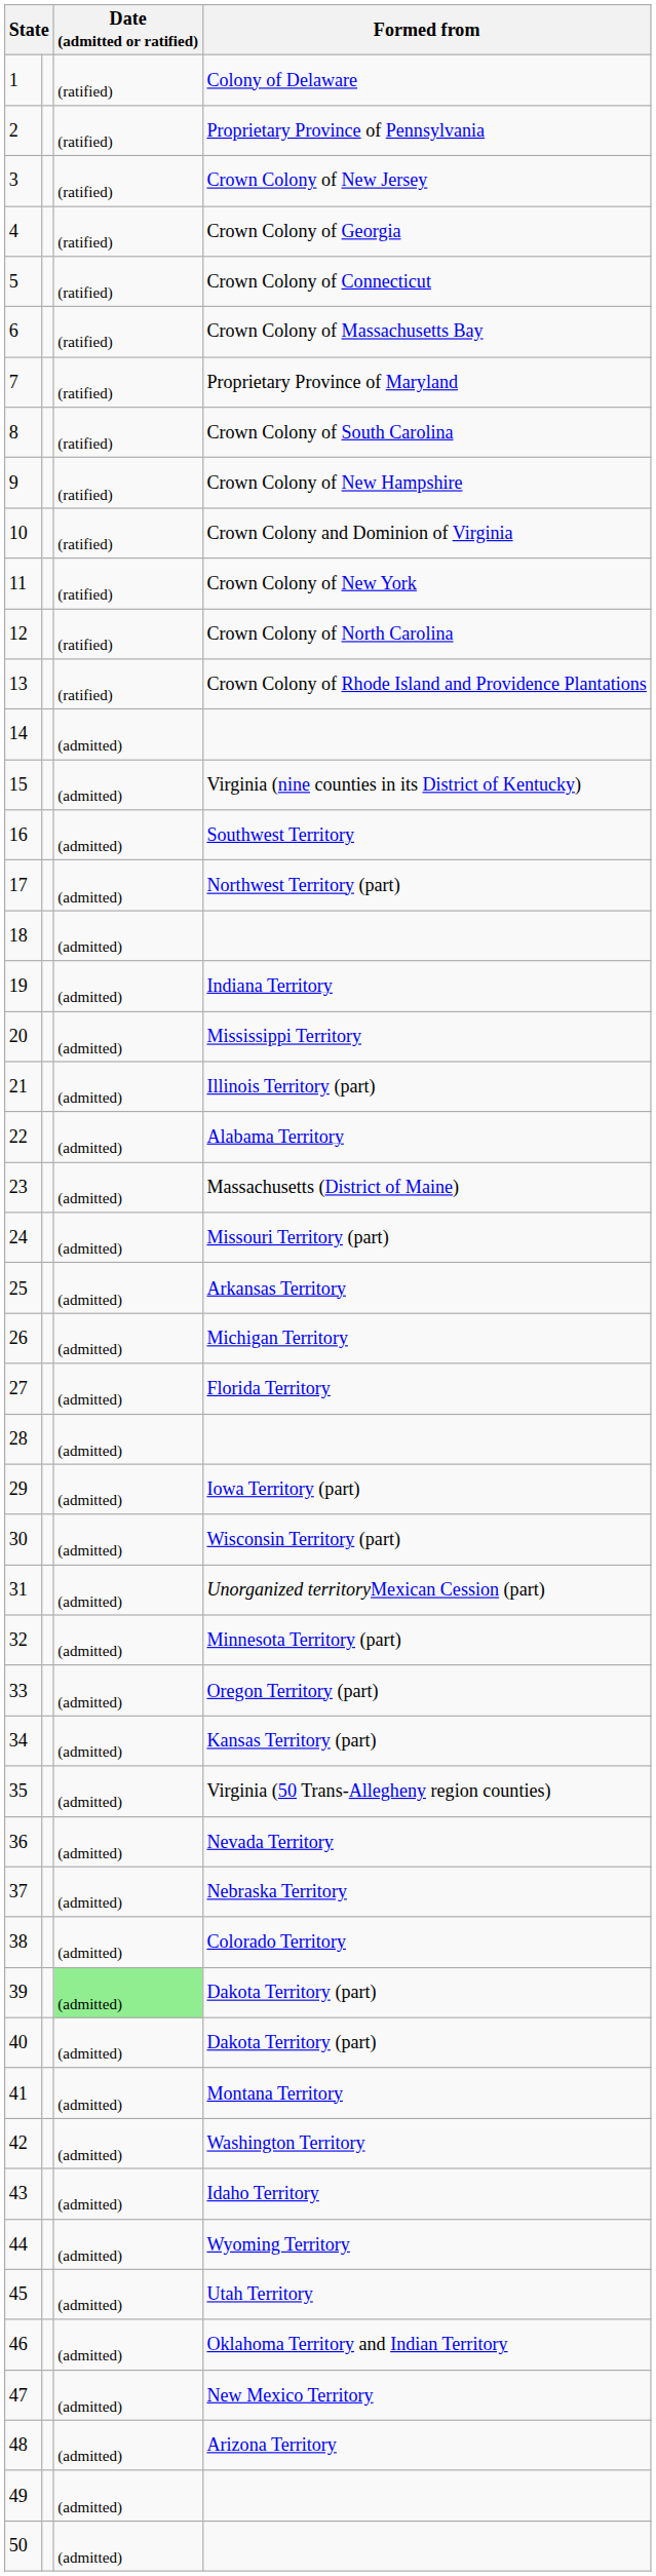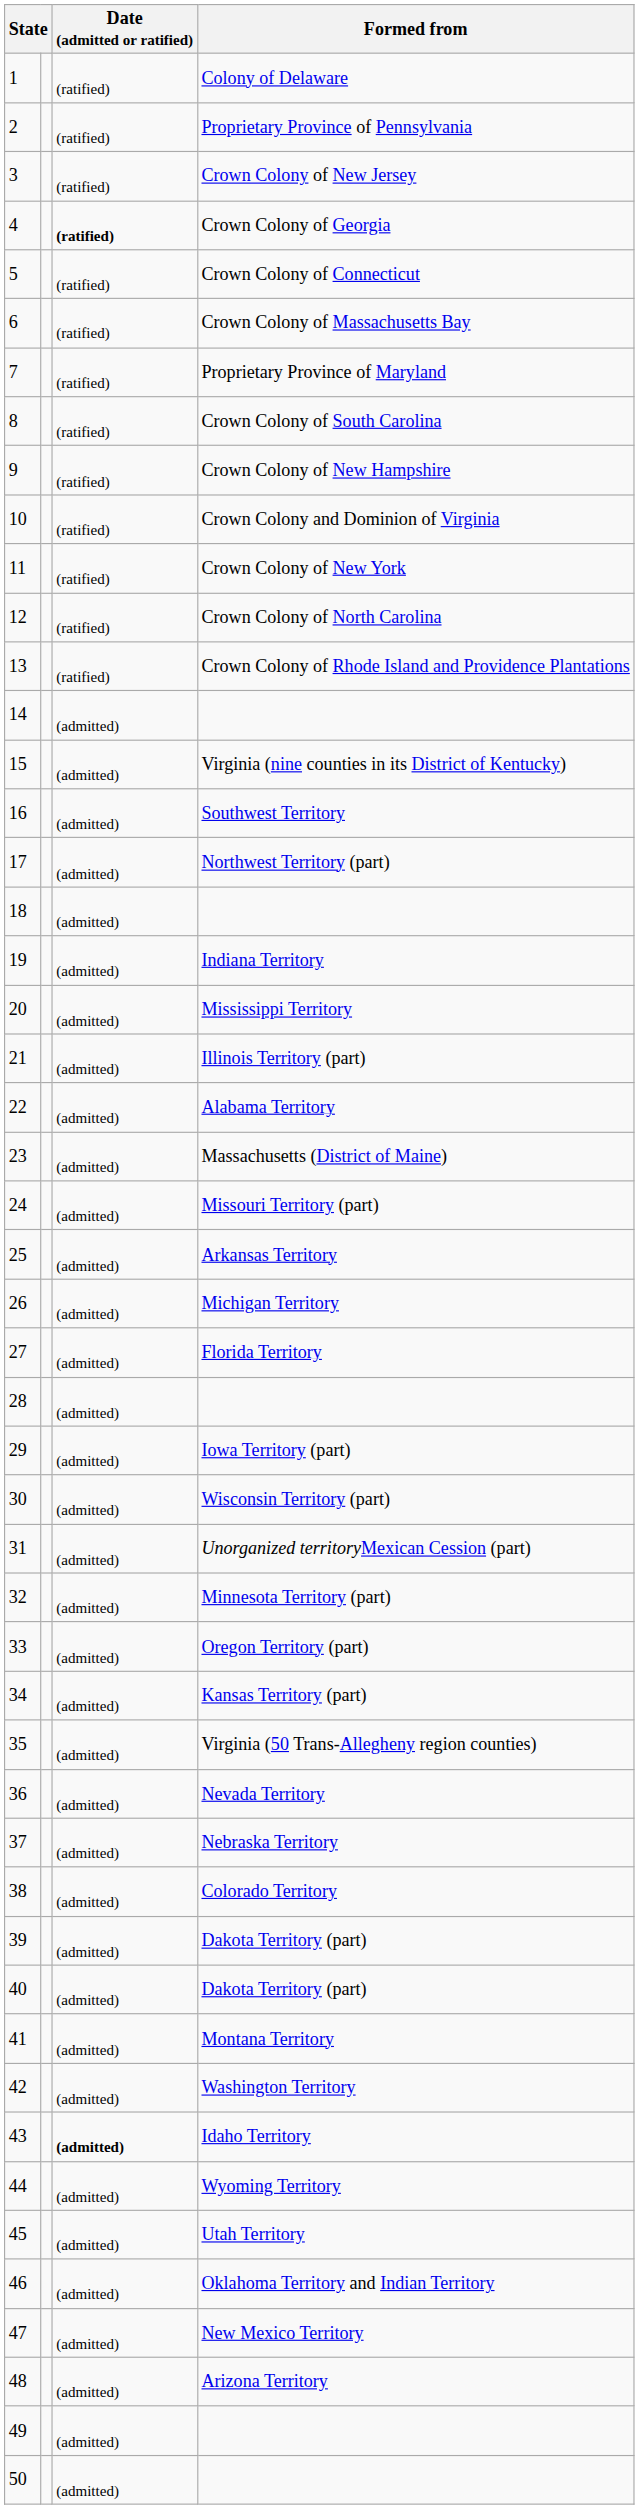 <table class="sortable wikitable" style="align:left">
 <tr>
 <th colspan=2>State</th>
 <th>Date<br><small>(admitted or ratified)</small></th>
 <th class="unsortable">Formed from</th>
 </tr>
 <tr>
 <td data-sort-value="Delaware">1</td>
 <td></td>
 <td><br><small>(ratified)</small></td>
 <td><a href='#'>Colony of Delaware</a></td>
 </tr>
 <tr>
 <td data-sort-value="Pennsylvania">2</td>
 <td></td>
 <td><br><small>(ratified)</small></td>
 <td><a href='#'>Proprietary Province</a> of <a href='#'>Pennsylvania</a></td>
 </tr>
 <tr>
 <td data-sort-value="New Jersey">3</td>
 <td></td>
 <td><br><small>(ratified)</small></td>
 <td><a href='#'>Crown Colony</a> of <a href='#'>New Jersey</a></td>
 </tr>
 <tr>
 <td data-sort-value="Georgia">4</td>
 <td></td>
-<td><br><small>(ratified)</small></td>
+<td><strong><br><small>(ratified)</small></strong></td>
 <td>Crown Colony of <a href='#'>Georgia</a></td>
 </tr>
 <tr>
 <td data-sort-value="Connecticut">5</td>
 <td></td>
 <td><br><small>(ratified)</small></td>
 <td>Crown Colony of <a href='#'>Connecticut</a></td>
 </tr>
 <tr>
 <td data-sort-value="Massachusetts">6</td>
 <td></td>
 <td><br><small>(ratified)</small></td>
 <td>Crown Colony of <a href='#'>Massachusetts Bay</a></td>
 </tr>
 <tr>
 <td data-sort-value="Maryland">7</td>
 <td></td>
 <td><br><small>(ratified)</small></td>
 <td>Proprietary Province of <a href='#'>Maryland</a></td>
 </tr>
 <tr>
 <td data-sort-value="South Carolina">8</td>
 <td></td>
 <td><br><small>(ratified)</small></td>
 <td>Crown Colony of <a href='#'>South Carolina</a></td>
 </tr>
 <tr>
 <td data-sort-value="New Hampshire">9</td>
 <td></td>
 <td><br><small>(ratified)</small></td>
 <td>Crown Colony of <a href='#'>New Hampshire</a></td>
 </tr>
 <tr>
 <td data-sort-value="Virginia">10</td>
 <td></td>
 <td><br><small>(ratified)</small></td>
 <td>Crown Colony and Dominion of <a href='#'>Virginia</a></td>
 </tr>
 <tr>
 <td data-sort-value="New York">11</td>
 <td></td>
 <td><br><small>(ratified)</small></td>
 <td>Crown Colony of <a href='#'>New York</a></td>
 </tr>
 <tr>
 <td data-sort-value="North Carolina">12</td>
 <td></td>
 <td><br><small>(ratified)</small></td>
 <td>Crown Colony of <a href='#'>North Carolina</a></td>
 </tr>
 <tr>
 <td data-sort-value="Rhode Island">13</td>
 <td></td>
 <td><br><small>(ratified)</small></td>
 <td>Crown Colony of <a href='#'>Rhode Island and Providence Plantations</a></td>
 </tr>
 <tr>
 <td data-sort-value="Vermont">14</td>
 <td></td>
 <td><br><small>(admitted)</small></td>
 <td></td>
 </tr>
 <tr>
 <td data-sort-value="Kentucky">15</td>
 <td></td>
 <td><br><small>(admitted)</small></td>
 <td>Virginia (<a href='#'>nine</a> counties in its <a href='#'>District of Kentucky</a>)</td>
 </tr>
 <tr>
 <td data-sort-value="Tennessee">16</td>
 <td></td>
 <td><br><small>(admitted)</small></td>
 <td><a href='#'>Southwest Territory</a></td>
 </tr>
 <tr>
 <td data-sort-value="Ohio">17</td>
 <td></td>
 <td><br><small>(admitted)</small></td>
 <td><a href='#'>Northwest Territory</a> (part)</td>
 </tr>
 <tr>
 <td data-sort-value="Louisiana">18</td>
 <td></td>
 <td><br><small>(admitted)</small></td>
 <td></td>
 </tr>
 <tr>
 <td data-sort-value="Indiana">19</td>
 <td></td>
 <td><br><small>(admitted)</small></td>
 <td><a href='#'>Indiana Territory</a></td>
 </tr>
 <tr>
 <td data-sort-value="Mississippi">20</td>
 <td></td>
 <td><br><small>(admitted)</small></td>
 <td><a href='#'>Mississippi Territory</a></td>
 </tr>
 <tr>
 <td data-sort-value="Illinois">21</td>
 <td></td>
 <td><br><small>(admitted)</small></td>
 <td><a href='#'>Illinois Territory</a> (part)</td>
 </tr>
 <tr>
 <td data-sort-value="Alabama">22</td>
 <td></td>
 <td><br><small>(admitted)</small></td>
 <td><a href='#'>Alabama Territory</a></td>
 </tr>
 <tr>
 <td data-sort-value="Maine">23</td>
 <td></td>
 <td><br><small>(admitted)</small></td>
 <td>Massachusetts (<a href='#'>District of Maine</a>)</td>
 </tr>
 <tr>
 <td data-sort-value="Missouri">24</td>
 <td></td>
 <td><br><small>(admitted)</small></td>
 <td><a href='#'>Missouri Territory</a> (part)</td>
 </tr>
 <tr>
 <td data-sort-value="Arkansas">25</td>
 <td></td>
 <td><br><small>(admitted)</small></td>
 <td><a href='#'>Arkansas Territory</a></td>
 </tr>
 <tr>
 <td data-sort-value="Michigan">26</td>
 <td></td>
 <td><br><small>(admitted)</small></td>
 <td><a href='#'>Michigan Territory</a></td>
 </tr>
 <tr>
 <td data-sort-value="Florida">27</td>
 <td></td>
 <td><br><small>(admitted)</small></td>
 <td><a href='#'>Florida Territory</a></td>
 </tr>
 <tr>
 <td data-sort-value="Texas">28</td>
 <td></td>
 <td><br><small>(admitted)</small></td>
 <td></td>
 </tr>
 <tr>
 <td data-sort-value="Iowa">29</td>
 <td></td>
 <td><br><small>(admitted)</small></td>
 <td><a href='#'>Iowa Territory</a> (part)</td>
 </tr>
 <tr>
 <td data-sort-value="Wisconsin">30</td>
 <td></td>
 <td><br><small>(admitted)</small></td>
 <td><a href='#'>Wisconsin Territory</a> (part)</td>
 </tr>
 <tr>
 <td data-sort-value="California">31</td>
 <td></td>
 <td><br><small>(admitted)</small></td>
 <td><em>Unorganized territory</em><a href='#'>Mexican Cession</a> (part)</td>
 </tr>
 <tr>
 <td data-sort-value="Minnesota">32</td>
 <td></td>
 <td><br><small>(admitted)</small></td>
 <td><a href='#'>Minnesota Territory</a> (part)</td>
 </tr>
 <tr>
 <td data-sort-value="Oregon">33</td>
 <td></td>
 <td><br><small>(admitted)</small></td>
 <td><a href='#'>Oregon Territory</a> (part)</td>
 </tr>
 <tr>
 <td data-sort-value="Kansas">34</td>
 <td></td>
 <td><br><small>(admitted)</small></td>
 <td><a href='#'>Kansas Territory</a> (part)</td>
 </tr>
 <tr>
 <td data-sort-value="West Virginia">35</td>
 <td></td>
 <td><br><small>(admitted)</small></td>
 <td>Virginia (<a href='#'>50</a> Trans-<a href='#'>Allegheny</a> region counties)</td>
 </tr>
 <tr>
 <td data-sort-value="Nevada">36</td>
 <td></td>
 <td><br><small>(admitted)</small></td>
 <td><a href='#'>Nevada Territory</a></td>
 </tr>
 <tr>
 <td data-sort-value="Nebraska">37</td>
 <td></td>
 <td><br><small>(admitted)</small></td>
 <td><a href='#'>Nebraska Territory</a></td>
 </tr>
 <tr>
 <td data-sort-value="Colorado">38</td>
 <td></td>
 <td><br><small>(admitted)</small></td>
 <td><a href='#'>Colorado Territory</a></td>
 </tr>
 <tr>
 <td data-sort-value="North Dakota">39</td>
 <td></td>
-<td style="background: lightgreen;"><br><small>(admitted)</small></td>
+<td><br><small>(admitted)</small></td>
 <td><a href='#'>Dakota Territory</a> (part)</td>
 </tr>
 <tr>
 <td data-sort-value="South Dakota">40</td>
 <td></td>
 <td><br><small>(admitted)</small></td>
 <td><a href='#'>Dakota Territory</a> (part)</td>
 </tr>
 <tr>
 <td data-sort-value="Montana">41</td>
 <td></td>
 <td><br><small>(admitted)</small></td>
 <td><a href='#'>Montana Territory</a></td>
 </tr>
 <tr>
 <td data-sort-value="Washington">42</td>
 <td></td>
 <td><br><small>(admitted)</small></td>
 <td><a href='#'>Washington Territory</a></td>
 </tr>
 <tr>
 <td data-sort-value="Idaho">43</td>
 <td></td>
-<td><br><small>(admitted)</small></td>
+<td><strong><br><small>(admitted)</small></strong></td>
 <td><a href='#'>Idaho Territory</a></td>
 </tr>
 <tr>
 <td data-sort-value="Wyoming">44</td>
 <td></td>
 <td><br><small>(admitted)</small></td>
 <td><a href='#'>Wyoming Territory</a></td>
 </tr>
 <tr>
 <td data-sort-value="Utah">45</td>
 <td></td>
 <td><br><small>(admitted)</small></td>
 <td><a href='#'>Utah Territory</a></td>
 </tr>
 <tr>
 <td data-sort-value="Oklahoma">46</td>
 <td></td>
 <td><br><small>(admitted)</small></td>
 <td><a href='#'>Oklahoma Territory</a> and <a href='#'>Indian Territory</a></td>
 </tr>
 <tr>
 <td data-sort-value="New Mexico">47</td>
 <td></td>
 <td><br><small>(admitted)</small></td>
 <td><a href='#'>New Mexico Territory</a></td>
 </tr>
 <tr>
 <td data-sort-value="Arizona">48</td>
 <td></td>
 <td><br><small>(admitted)</small></td>
 <td><a href='#'>Arizona Territory</a></td>
 </tr>
 <tr>
 <td data-sort-value="Alaska">49</td>
 <td></td>
 <td><br><small>(admitted)</small></td>
 <td></td>
 </tr>
 <tr>
 <td data-sort-value="Hawaii">50</td>
 <td></td>
 <td><br><small>(admitted)</small></td>
 <td></td>
 </tr>
 </table>
